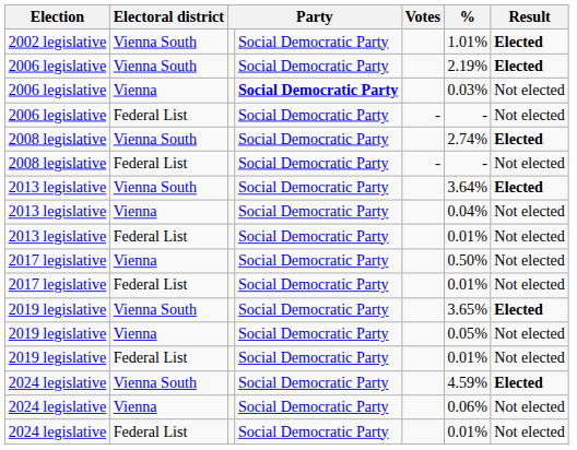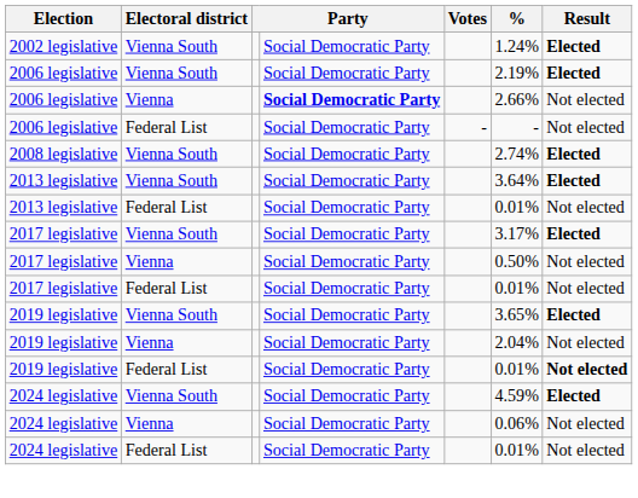 <table class="wikitable" style="text-align:left;">
 <tr>
 <th scope=col>Election</th>
 <th scope=col>Electoral district</th>
 <th scope=col colspan="2">Party</th>
 <th scope=col>Votes</th>
 <th scope=col>%</th>
 <th scope=col>Result</th>
 </tr>
 <tr>
 <td><a href='#'>2002 legislative</a></td>
 <td><a href='#'>Vienna South</a></td>
 <td style="background:"></td>
 <td><a href='#'>Social Democratic Party</a></td>
 <td align=right></td>
-<td align=right>1.01%</td>
+<td align=right>1.24%</td>
 <td><strong>Elected</strong></td>
 </tr>
 <tr>
 <td><a href='#'>2006 legislative</a></td>
 <td><a href='#'>Vienna South</a></td>
 <td style="background:"></td>
 <td><a href='#'>Social Democratic Party</a></td>
 <td align=right></td>
 <td align=right>2.19%</td>
 <td><strong>Elected</strong></td>
 </tr>
 <tr>
 <td><a href='#'>2006 legislative</a></td>
 <td><a href='#'>Vienna</a></td>
 <td style="background:"></td>
 <td><strong><a href='#'>Social Democratic Party</a></strong></td>
 <td align=right></td>
-<td align=right>0.03%</td>
+<td align=right>2.66%</td>
 <td>Not elected</td>
 </tr>
 <tr>
 <td><a href='#'>2006 legislative</a></td>
 <td>Federal List</td>
 <td style="background:"></td>
 <td><a href='#'>Social Democratic Party</a></td>
 <td align=right>-</td>
 <td align=right>-</td>
 <td>Not elected</td>
 </tr>
 <tr>
 <td><a href='#'>2008 legislative</a></td>
 <td><a href='#'>Vienna South</a></td>
 <td style="background:"></td>
 <td><a href='#'>Social Democratic Party</a></td>
 <td align=right></td>
 <td align=right>2.74%</td>
 <td><strong>Elected</strong></td>
 </tr>
 <tr>
-<td><a href='#'>2008 legislative</a></td>
-<td>Federal List</td>
-<td style="background:"></td>
-<td><a href='#'>Social Democratic Party</a></td>
-<td align=right>-</td>
-<td align=right>-</td>
-<td>Not elected</td>
-</tr>
-<tr>
 <td><a href='#'>2013 legislative</a></td>
 <td><a href='#'>Vienna South</a></td>
 <td style="background:"></td>
 <td><a href='#'>Social Democratic Party</a></td>
 <td align=right></td>
 <td align=right>3.64%</td>
 <td><strong>Elected</strong></td>
 </tr>
 <tr>
 <td><a href='#'>2013 legislative</a></td>
-<td><a href='#'>Vienna</a></td>
-<td style="background:"></td>
-<td><a href='#'>Social Democratic Party</a></td>
-<td align=right></td>
-<td align=right>0.04%</td>
-<td>Not elected</td>
-</tr>
-<tr>
-<td><a href='#'>2013 legislative</a></td>
 <td>Federal List</td>
 <td style="background:"></td>
 <td><a href='#'>Social Democratic Party</a></td>
 <td align=right></td>
 <td align=right>0.01%</td>
 <td>Not elected</td>
+</tr>
+<tr>
+<td><a href='#'>2017 legislative</a></td>
+<td><a href='#'>Vienna South</a></td>
+<td style="background:"></td>
+<td><a href='#'>Social Democratic Party</a></td>
+<td align=right></td>
+<td align=right>3.17%</td>
+<td><strong>Elected</strong></td>
 </tr>
 <tr>
 <td><a href='#'>2017 legislative</a></td>
 <td><a href='#'>Vienna</a></td>
 <td style="background:"></td>
 <td><a href='#'>Social Democratic Party</a></td>
 <td align=right></td>
 <td align=right>0.50%</td>
 <td>Not elected</td>
 </tr>
 <tr>
 <td><a href='#'>2017 legislative</a></td>
 <td>Federal List</td>
 <td style="background:"></td>
 <td><a href='#'>Social Democratic Party</a></td>
 <td align=right></td>
 <td align=right>0.01%</td>
 <td>Not elected</td>
 </tr>
 <tr>
 <td><a href='#'>2019 legislative</a></td>
 <td><a href='#'>Vienna South</a></td>
 <td style="background:"></td>
 <td><a href='#'>Social Democratic Party</a></td>
 <td align=right></td>
 <td align=right>3.65%</td>
 <td><strong>Elected</strong></td>
 </tr>
 <tr>
 <td><a href='#'>2019 legislative</a></td>
 <td><a href='#'>Vienna</a></td>
 <td style="background:"></td>
 <td><a href='#'>Social Democratic Party</a></td>
 <td align=right></td>
-<td align=right>0.05%</td>
+<td align=right>2.04%</td>
 <td>Not elected</td>
 </tr>
 <tr>
 <td><a href='#'>2019 legislative</a></td>
 <td>Federal List</td>
 <td style="background:"></td>
 <td><a href='#'>Social Democratic Party</a></td>
 <td align=right></td>
 <td align=right>0.01%</td>
-<td>Not elected</td>
+<td><strong>Not elected</strong></td>
 </tr>
 <tr>
 <td><a href='#'>2024 legislative</a></td>
 <td><a href='#'>Vienna South</a></td>
 <td style="background:"></td>
 <td><a href='#'>Social Democratic Party</a></td>
 <td align=right></td>
 <td align=right>4.59%</td>
 <td><strong>Elected</strong></td>
 </tr>
 <tr>
 <td><a href='#'>2024 legislative</a></td>
 <td><a href='#'>Vienna</a></td>
 <td style="background:"></td>
 <td><a href='#'>Social Democratic Party</a></td>
 <td align=right></td>
 <td align=right>0.06%</td>
 <td>Not elected</td>
 </tr>
 <tr>
 <td><a href='#'>2024 legislative</a></td>
 <td>Federal List</td>
 <td style="background:"></td>
 <td><a href='#'>Social Democratic Party</a></td>
 <td align=right></td>
 <td align=right>0.01%</td>
 <td>Not elected</td>
 </tr>
 </table>
